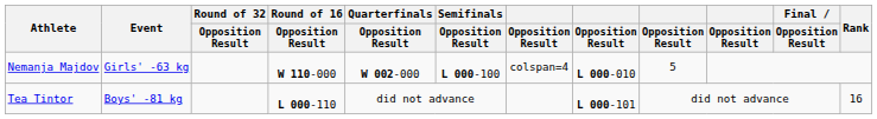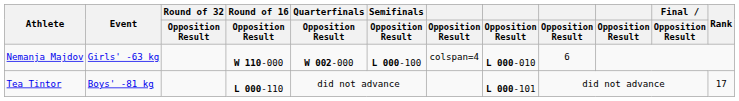 <table class="wikitable" style="font-size:90%">
 <tr>
 <th rowspan="2">Athlete</th>
 <th rowspan="2">Event</th>
 <th>Round of 32</th>
 <th>Round of 16</th>
 <th>Quarterfinals</th>
 <th>Semifinals</th>
 <th></th>
 <th></th>
 <th></th>
 <th></th>
 <th>Final / </th>
 <th rowspan=2>Rank</th>
 </tr>
 <tr style="font-size:95%">
 <th>Opposition<br>Result</th>
 <th>Opposition<br>Result</th>
 <th>Opposition<br>Result</th>
 <th>Opposition<br>Result</th>
 <th>Opposition<br>Result</th>
 <th>Opposition<br>Result</th>
 <th>Opposition<br>Result</th>
 <th>Opposition<br>Result</th>
 <th>Opposition<br>Result</th>
 </tr>
 <tr align=center>
 <td align=left><a href='#'>Nemanja Majdov</a></td>
 <td align=left><a href='#'>Girls' -63 kg</a></td>
 <td></td>
 <td><br><strong>W</strong> <strong>110</strong>-000</td>
 <td><br><strong>W</strong> <strong>002</strong>-000</td>
 <td><br><strong>L</strong> <strong>000</strong>-100</td>
 <td>colspan=4 </td>
 <td><br><strong>L</strong> <strong>000</strong>-010</td>
-<td>5</td>
+<td>6</td>
 </tr>
 <tr align=center>
 <td align=left><a href='#'>Tea Tintor</a></td>
 <td align=left><a href='#'>Boys' -81 kg</a></td>
 <td></td>
 <td><br><strong>L</strong> <strong>000</strong>-110</td>
 <td colspan=2>did not advance</td>
 <td></td>
 <td><br><strong>L</strong> <strong>000</strong>-101</td>
 <td colspan=3>did not advance</td>
-<td>16</td>
+<td>17</td>
 </tr>
 </table>
